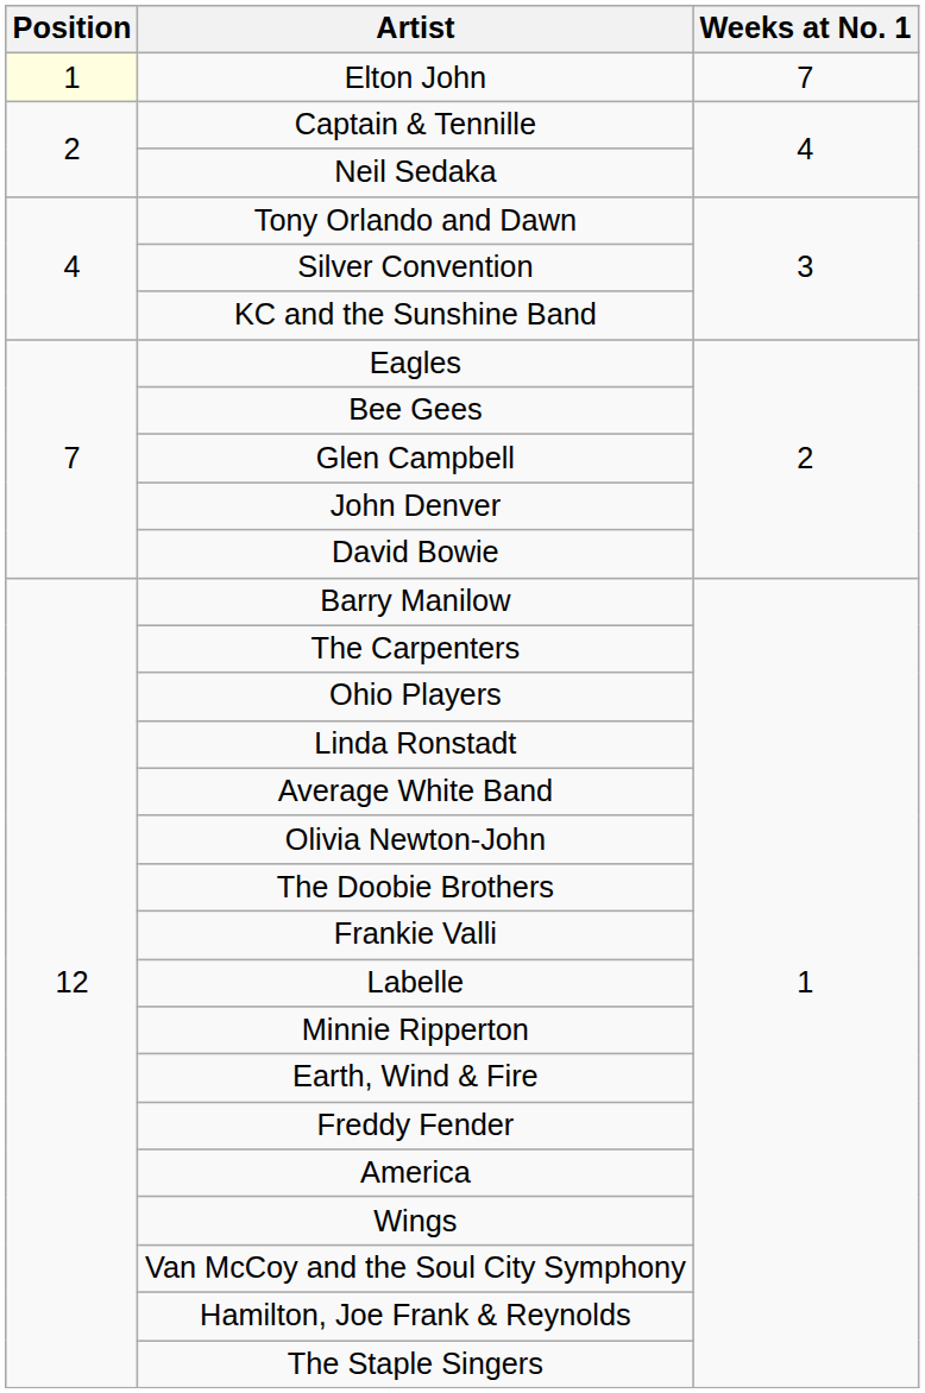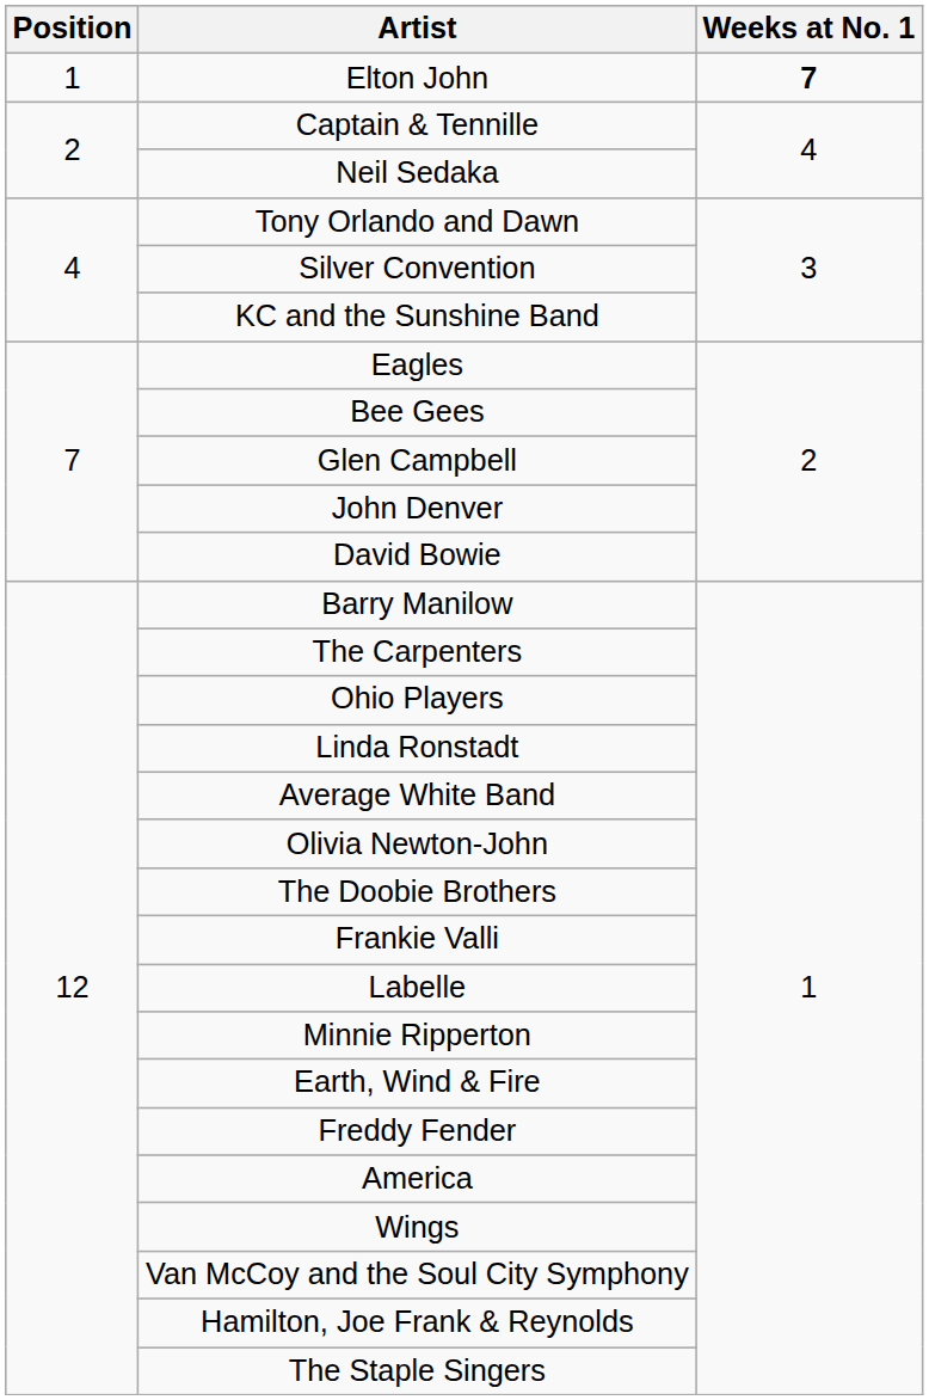 <table class="wikitable plainrowheaders" style="text-align:center;">
 <tr>
 <th>Position</th>
 <th>Artist</th>
 <th>Weeks at No. 1</th>
 </tr>
 <tr>
-<td style="background: lightyellow;">1</td>
+<td>1</td>
 <td>Elton John</td>
-<td>7</td>
+<td><strong>7</strong></td>
 </tr>
 <tr>
 <td rowspan=2>2</td>
 <td>Captain & Tennille</td>
 <td rowspan=2>4</td>
 </tr>
 <tr>
 <td>Neil Sedaka</td>
 </tr>
 <tr>
 <td rowspan=3>4</td>
 <td>Tony Orlando and Dawn</td>
 <td rowspan=3>3</td>
 </tr>
 <tr>
 <td>Silver Convention</td>
 </tr>
 <tr>
 <td>KC and the Sunshine Band</td>
 </tr>
 <tr>
 <td rowspan=5>7</td>
 <td>Eagles</td>
 <td rowspan=5>2</td>
 </tr>
 <tr>
 <td>Bee Gees</td>
 </tr>
 <tr>
 <td>Glen Campbell</td>
 </tr>
 <tr>
 <td>John Denver</td>
 </tr>
 <tr>
 <td>David Bowie</td>
 </tr>
 <tr>
 <td rowspan=17>12</td>
 <td>Barry Manilow</td>
 <td rowspan=17>1</td>
 </tr>
 <tr>
 <td>The Carpenters</td>
 </tr>
 <tr>
 <td>Ohio Players</td>
 </tr>
 <tr>
 <td>Linda Ronstadt</td>
 </tr>
 <tr>
 <td>Average White Band</td>
 </tr>
 <tr>
 <td>Olivia Newton-John</td>
 </tr>
 <tr>
 <td>The Doobie Brothers</td>
 </tr>
 <tr>
 <td>Frankie Valli</td>
 </tr>
 <tr>
 <td>Labelle</td>
 </tr>
 <tr>
 <td>Minnie Ripperton</td>
 </tr>
 <tr>
 <td>Earth, Wind & Fire</td>
 </tr>
 <tr>
 <td>Freddy Fender</td>
 </tr>
 <tr>
 <td>America</td>
 </tr>
 <tr>
 <td>Wings</td>
 </tr>
 <tr>
 <td>Van McCoy and the Soul City Symphony</td>
 </tr>
 <tr>
 <td>Hamilton, Joe Frank & Reynolds</td>
 </tr>
 <tr>
 <td>The Staple Singers</td>
 </tr>
 </table>
